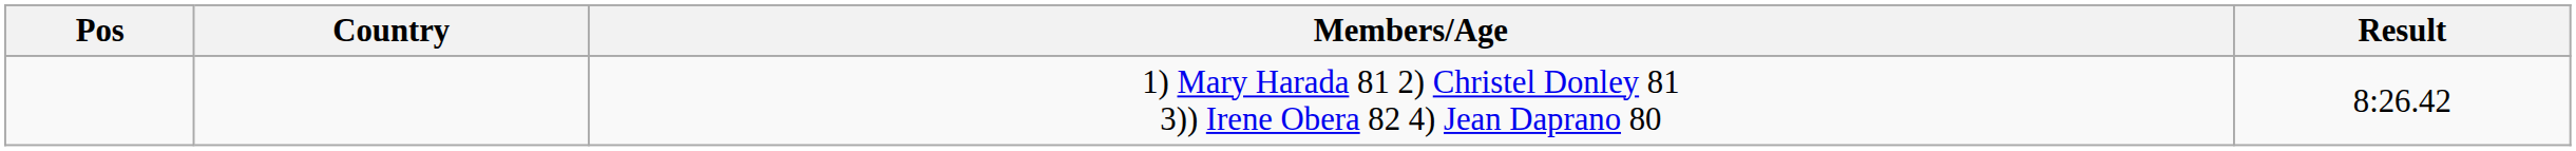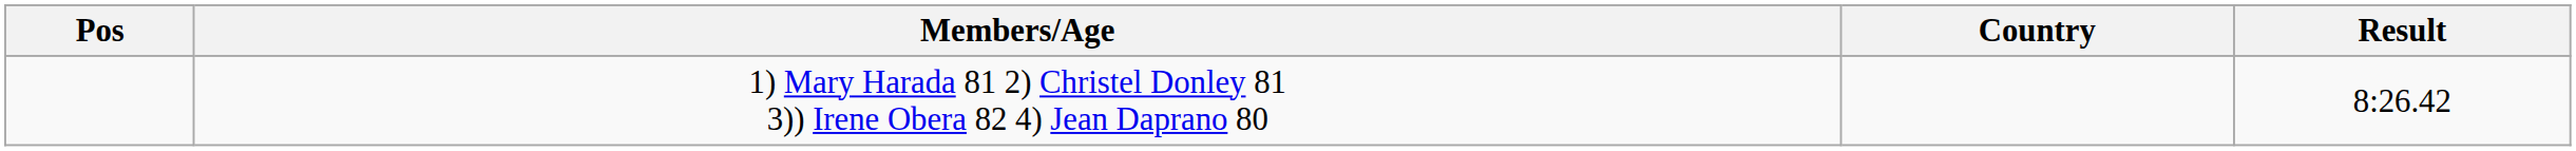 <table class="wikitable"  style="text-align:center; width:80%;">
 <tr>
 <th>Pos</th>
+<th>Members/Age</th>
 <th>Country</th>
-<th>Members/Age</th>
 <th>Result</th>
 </tr>
 <tr>
 <td align=center></td>
+<td>1) <a href='#'>Mary Harada</a> 81 2) <a href='#'>Christel Donley</a> 81<br>3)) <a href='#'>Irene Obera</a> 82 4) <a href='#'>Jean Daprano</a> 80</td>
 <td align=left></td>
-<td>1) <a href='#'>Mary Harada</a> 81 2) <a href='#'>Christel Donley</a> 81<br>3)) <a href='#'>Irene Obera</a> 82 4) <a href='#'>Jean Daprano</a> 80</td>
 <td>8:26.42 </td>
 </tr>
 </table>
